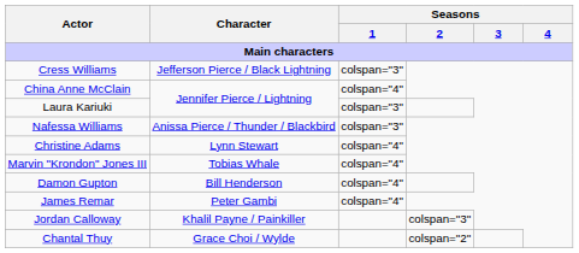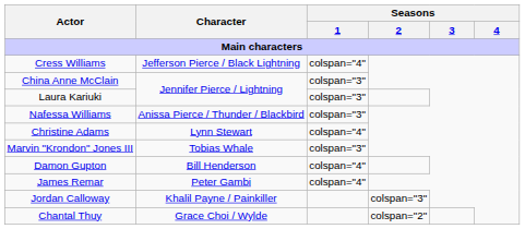 <table class="wikitable plainrowheaders" style="text-align:center">
 <tr>
 <th scope="col" rowspan="2">Actor</th>
 <th scope="col" rowspan="2">Character</th>
 <th scope="col" colspan="4">Seasons</th>
 </tr>
 <tr>
 <th style="width:60px;"><a href='#'>1</a></th>
 <th style="width:60px;"><a href='#'>2</a></th>
 <th style="width:60px;"><a href='#'>3</a></th>
 <th style="width:60px;"><a href='#'>4</a></th>
 </tr>
 <tr>
 <th colspan="8" style="background:#ccf;">Main characters</th>
 </tr>
 <tr>
 <td><a href='#'>Cress Williams</a></td>
 <td><a href='#'>Jefferson Pierce / Black Lightning</a></td>
-<td>colspan="3" </td>
+<td>colspan="4" </td>
 </tr>
 <tr>
 <td><a href='#'>China Anne McClain</a></td>
 <td rowspan="2"><a href='#'>Jennifer Pierce / Lightning</a></td>
-<td>colspan="4" </td>
+<td>colspan="3" </td>
 </tr>
 <tr>
 <td>Laura Kariuki</td>
 <td>colspan="3" </td>
 <td></td>
 </tr>
 <tr>
 <td><a href='#'>Nafessa Williams</a></td>
 <td><a href='#'>Anissa Pierce / Thunder / Blackbird</a></td>
 <td>colspan="3" </td>
 </tr>
 <tr>
 <td><a href='#'>Christine Adams</a></td>
 <td><a href='#'>Lynn Stewart</a></td>
 <td>colspan="4" </td>
 </tr>
 <tr>
 <td><a href='#'>Marvin "Krondon" Jones III</a></td>
 <td><a href='#'>Tobias Whale</a></td>
-<td>colspan="4" </td>
+<td>colspan="3" </td>
 </tr>
 <tr>
 <td><a href='#'>Damon Gupton</a></td>
 <td><a href='#'>Bill Henderson</a></td>
 <td>colspan="4" </td>
 <td></td>
 </tr>
 <tr>
 <td><a href='#'>James Remar</a></td>
 <td><a href='#'>Peter Gambi</a></td>
 <td>colspan="4" </td>
 </tr>
 <tr>
 <td><a href='#'>Jordan Calloway</a></td>
 <td><a href='#'>Khalil Payne / Painkiller</a></td>
 <td></td>
 <td>colspan="3" </td>
 </tr>
 <tr>
 <td><a href='#'>Chantal Thuy</a></td>
 <td><a href='#'>Grace Choi / Wylde</a></td>
 <td></td>
 <td>colspan="2" </td>
 <td></td>
 </tr>
 </table>
